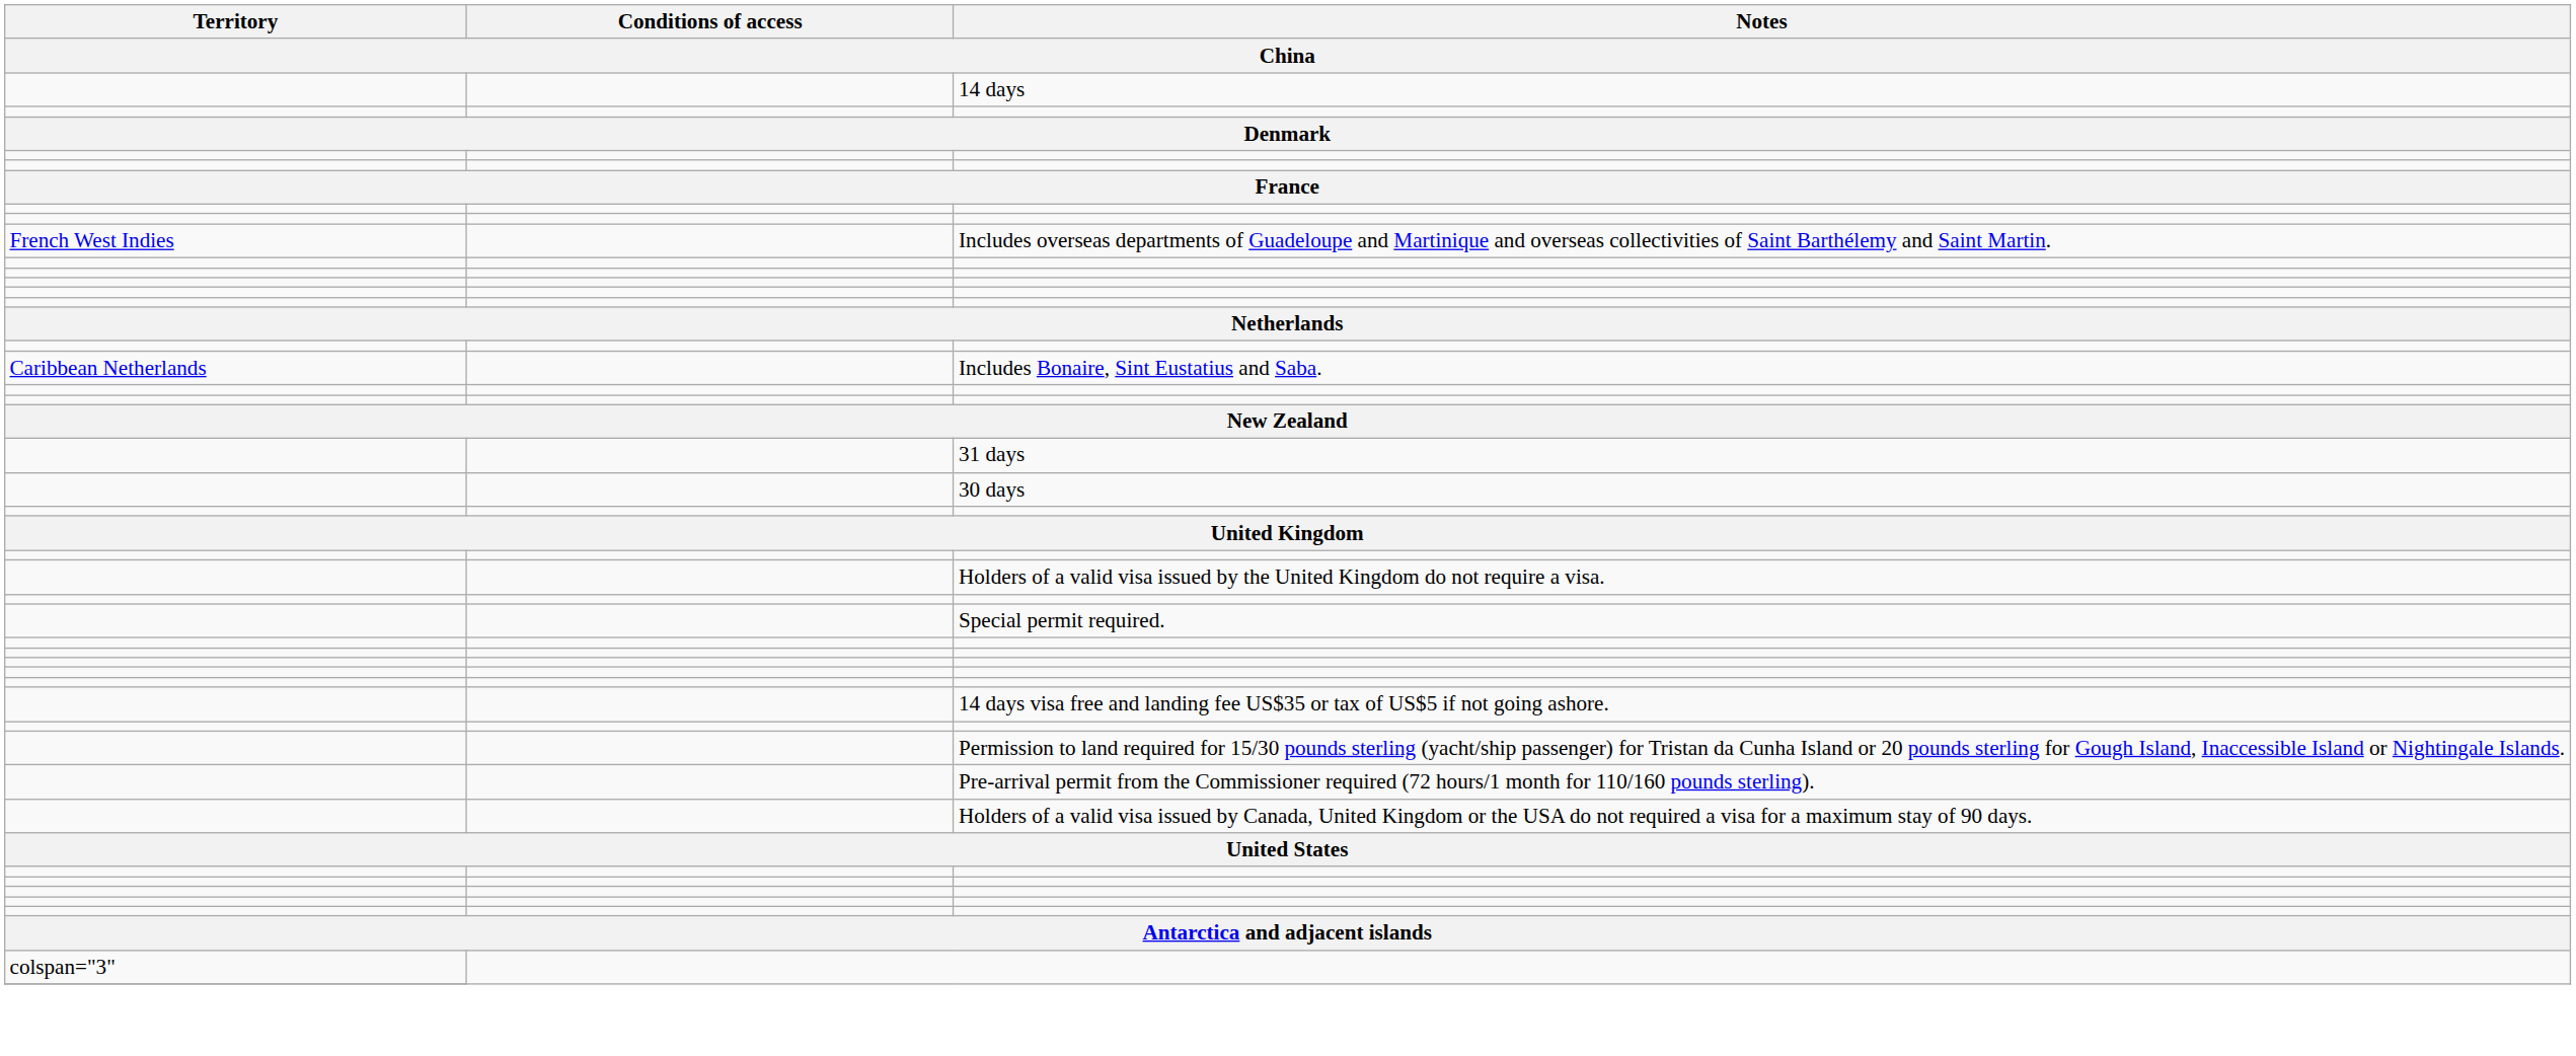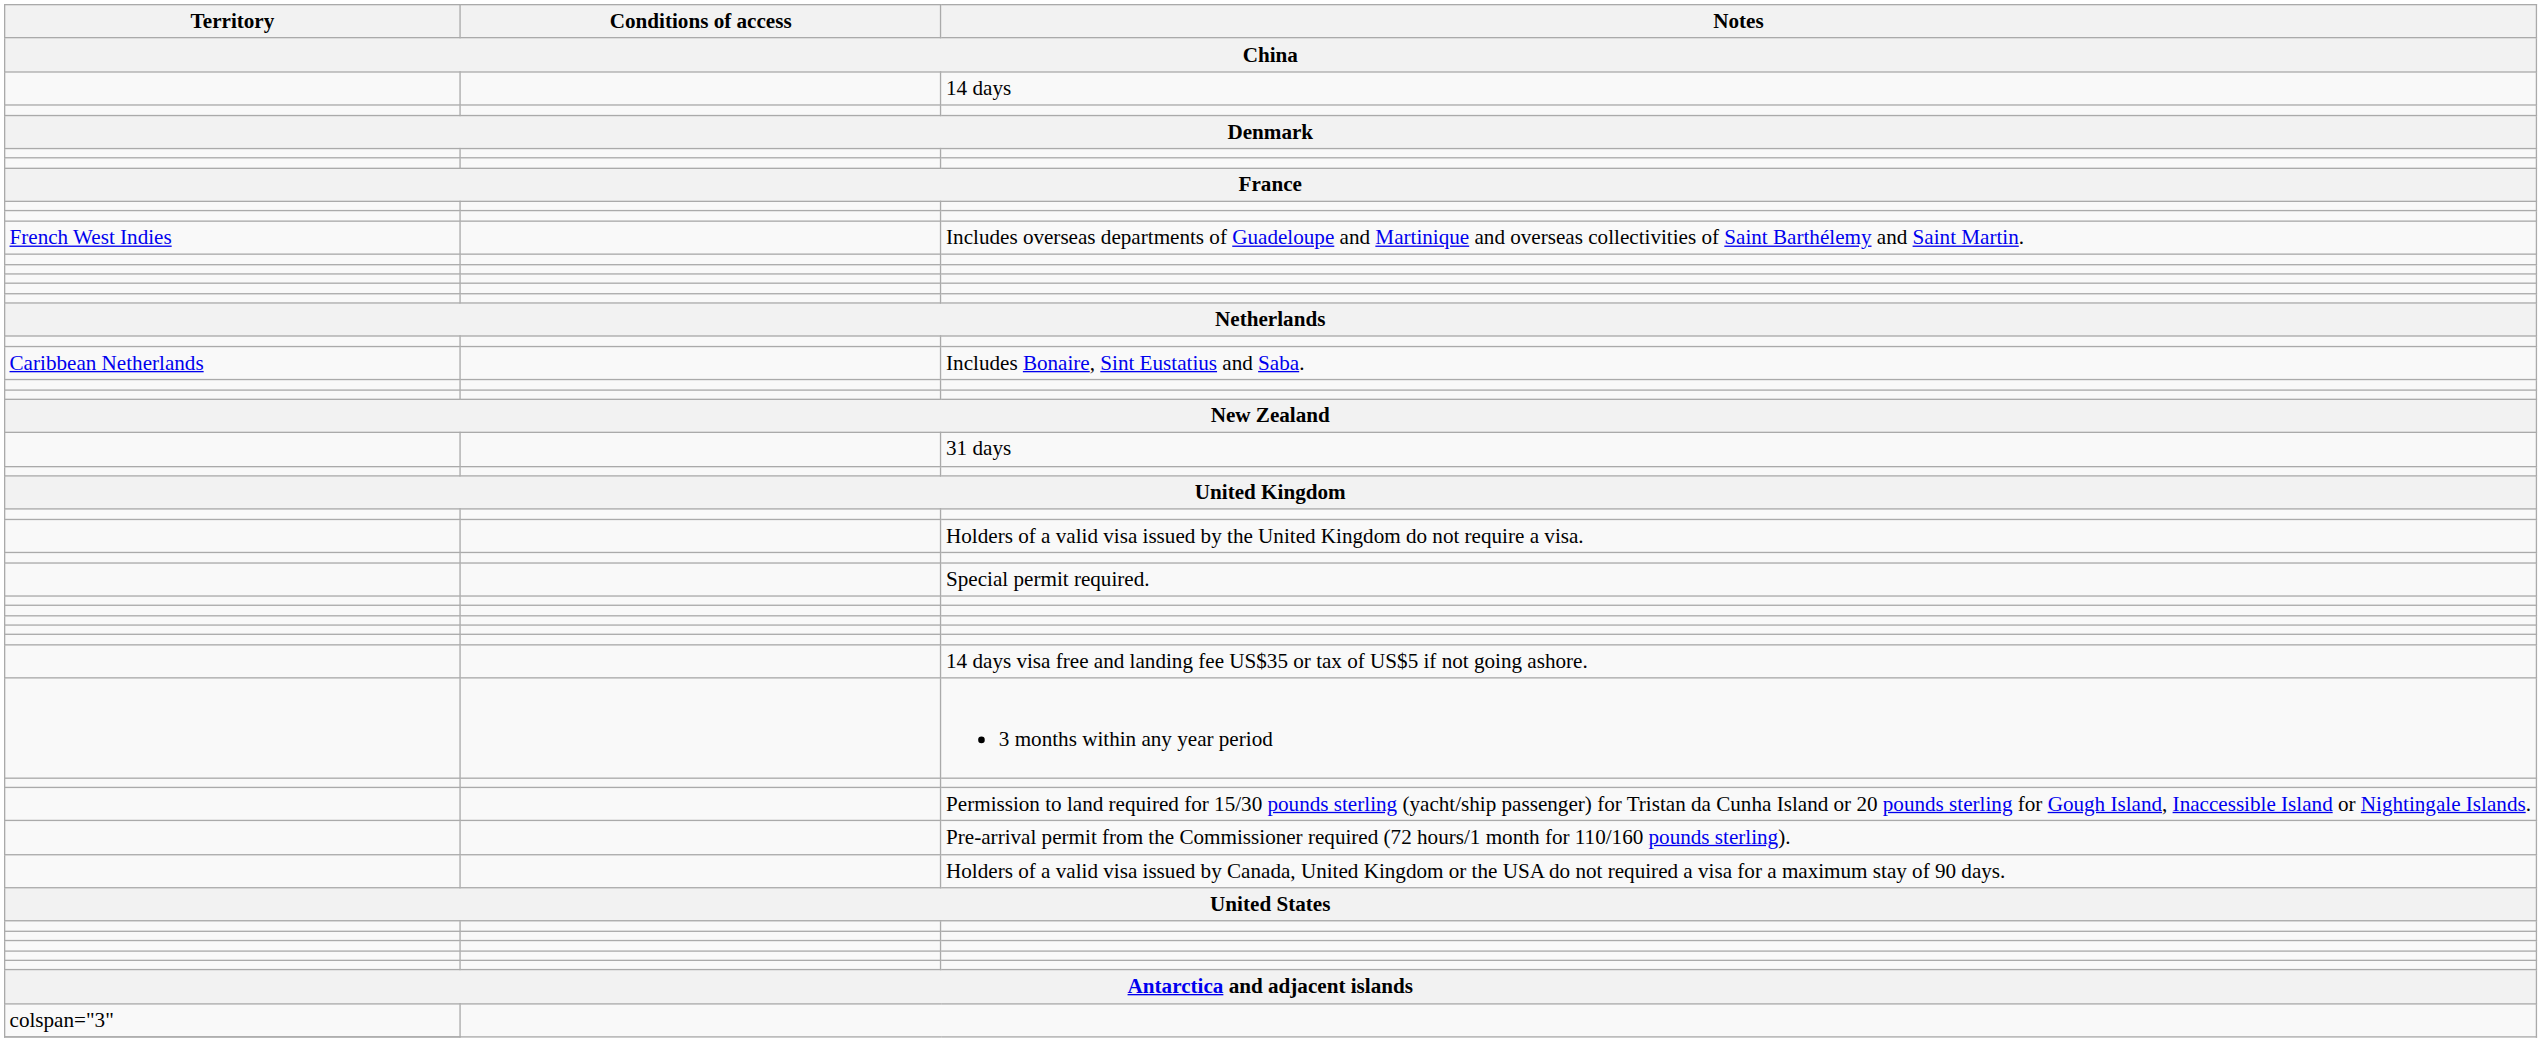 <table class="wikitable" style="text-align: left; table-layout: fixed;">
 <tr>
 <th width="18%">Territory</th>
 <th width="19%">Conditions of access</th>
 <th>Notes</th>
 </tr>
 <tr>
 <th colspan="3">China</th>
 </tr>
 <tr>
 <td></td>
 <td></td>
 <td>14 days</td>
 </tr>
 <tr>
 <td></td>
 <td></td>
 <td></td>
 </tr>
 <tr>
 <th colspan="3">Denmark</th>
 </tr>
 <tr>
 <td></td>
 <td></td>
 <td></td>
 </tr>
 <tr>
 <td></td>
 <td></td>
 <td></td>
 </tr>
 <tr>
 <th colspan="3">France</th>
 </tr>
 <tr>
 <td></td>
 <td></td>
 <td></td>
 </tr>
 <tr>
 <td></td>
 <td></td>
 <td></td>
 </tr>
 <tr>
 <td> <a href='#'>French West Indies</a></td>
 <td></td>
 <td>Includes overseas departments of <a href='#'>Guadeloupe</a> and <a href='#'>Martinique</a> and overseas collectivities of <a href='#'>Saint Barthélemy</a> and <a href='#'>Saint Martin</a>.</td>
 </tr>
 <tr>
 <td></td>
 <td></td>
 <td></td>
 </tr>
 <tr>
 <td></td>
 <td></td>
 <td></td>
 </tr>
 <tr>
 <td></td>
 <td></td>
 <td></td>
 </tr>
 <tr>
 <td></td>
 <td></td>
 <td></td>
 </tr>
 <tr>
 <td></td>
 <td></td>
 <td></td>
 </tr>
 <tr>
 <th colspan="3">Netherlands</th>
 </tr>
 <tr>
 <td></td>
 <td></td>
 <td></td>
 </tr>
 <tr>
 <td> <a href='#'>Caribbean Netherlands</a></td>
 <td></td>
 <td>Includes <a href='#'>Bonaire</a>, <a href='#'>Sint Eustatius</a> and <a href='#'>Saba</a>.</td>
 </tr>
 <tr>
 <td></td>
 <td></td>
 <td></td>
 </tr>
 <tr>
 <td></td>
 <td></td>
 <td></td>
 </tr>
 <tr>
 <th colspan="3">New Zealand</th>
 </tr>
 <tr>
 <td></td>
 <td></td>
 <td>31 days</td>
 </tr>
 <tr>
 <td></td>
 <td></td>
-<td>30 days</td>
-</tr>
-<tr>
-<td></td>
-<td></td>
 <td></td>
 </tr>
 <tr>
 <th colspan="3">United Kingdom</th>
 </tr>
 <tr>
 <td></td>
 <td></td>
 <td></td>
 </tr>
 <tr>
 <td></td>
 <td></td>
 <td>Holders of a valid visa issued by the United Kingdom do not require a visa.</td>
 </tr>
 <tr>
 <td></td>
 <td></td>
 <td></td>
 </tr>
 <tr>
 <td></td>
 <td></td>
 <td>Special permit required.</td>
 </tr>
 <tr>
 <td></td>
 <td></td>
 <td></td>
 </tr>
 <tr>
 <td></td>
 <td></td>
 <td></td>
 </tr>
 <tr>
 <td></td>
 <td></td>
 <td></td>
 </tr>
 <tr>
 <td></td>
 <td></td>
 <td></td>
 </tr>
 <tr>
 <td></td>
 <td></td>
 <td></td>
 </tr>
 <tr>
 <td></td>
 <td></td>
 <td>14 days visa free and landing fee US$35 or tax of US$5 if not going ashore.</td>
 </tr>
 <tr>
 <td></td>
 <td></td>
+<td><br><ul><li>3 months within any year period</li></ul></td>
+</tr>
+<tr>
+<td></td>
+<td></td>
 <td></td>
 </tr>
 <tr>
 <td></td>
 <td></td>
 <td>Permission to land required for 15/30 <a href='#'>pounds sterling</a> (yacht/ship passenger) for Tristan da Cunha Island or 20 <a href='#'>pounds sterling</a> for <a href='#'>Gough Island</a>, <a href='#'>Inaccessible Island</a> or <a href='#'>Nightingale Islands</a>.</td>
 </tr>
 <tr>
 <td></td>
 <td></td>
 <td>Pre-arrival permit from the Commissioner required (72 hours/1 month for 110/160 <a href='#'>pounds sterling</a>).</td>
 </tr>
 <tr>
 <td></td>
 <td></td>
 <td>Holders of a valid visa issued by Canada, United Kingdom or the USA do not required a visa for a maximum stay of 90 days.</td>
 </tr>
 <tr>
 <th colspan="3">United States</th>
 </tr>
 <tr>
 <td></td>
 <td></td>
 <td></td>
 </tr>
 <tr>
 <td></td>
 <td></td>
 <td></td>
 </tr>
 <tr>
 <td></td>
 <td></td>
 <td></td>
 </tr>
 <tr>
 <td></td>
 <td></td>
 <td></td>
 </tr>
 <tr>
 <td></td>
 <td></td>
 <td></td>
 </tr>
 <tr>
 <th colspan="3"><a href='#'>Antarctica</a> and adjacent islands</th>
 </tr>
 <tr>
 <td>colspan="3" </td>
 </tr>
 <tr>
 </tr>
 </table>
